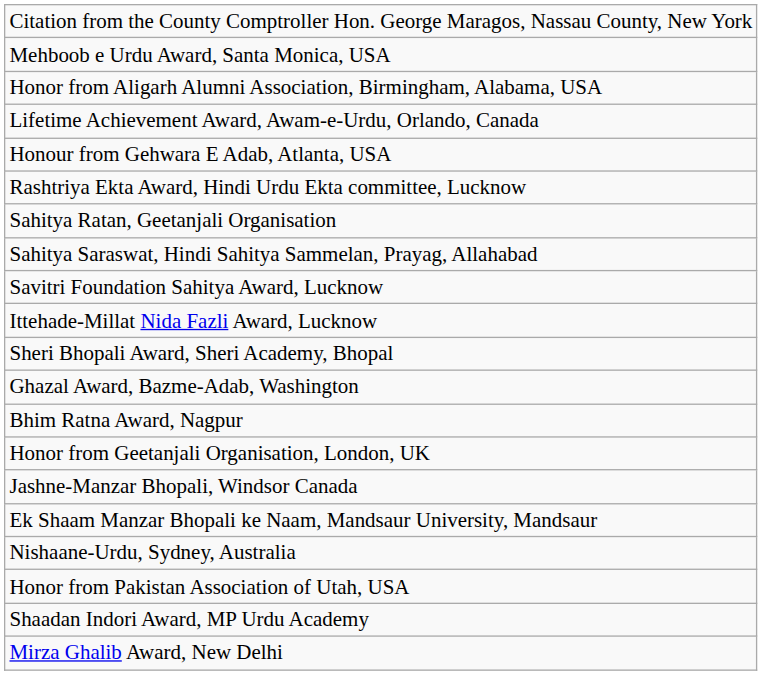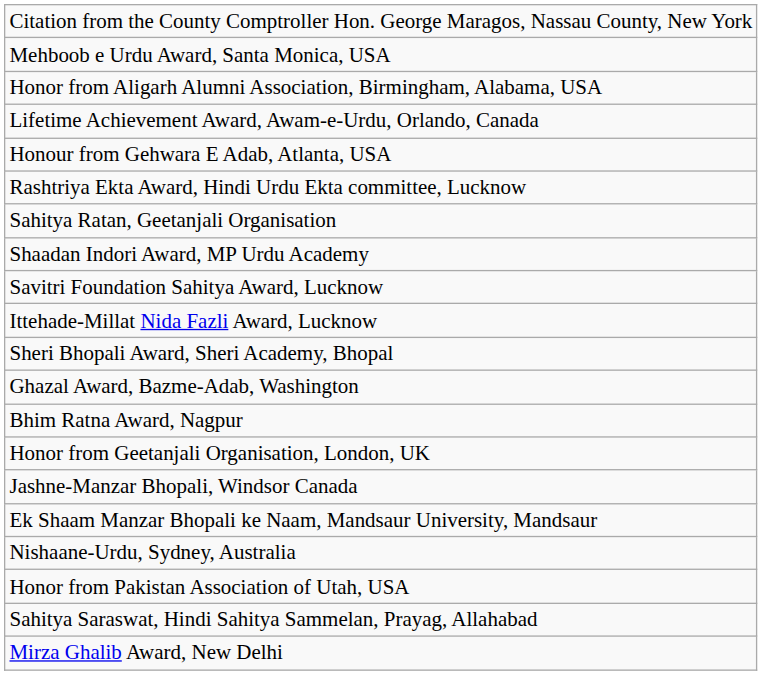 <table class="wikitable">
 <tr>
 <td>Citation from the County Comptroller Hon. George Maragos, Nassau County, New York</td>
 </tr>
 <tr>
 <td>Mehboob e Urdu Award, Santa Monica, USA</td>
 </tr>
 <tr>
 <td>Honor from Aligarh Alumni Association, Birmingham, Alabama, USA</td>
 </tr>
 <tr>
 <td>Lifetime Achievement Award, Awam-e-Urdu, Orlando, Canada</td>
 </tr>
 <tr>
 <td>Honour from Gehwara E Adab, Atlanta, USA</td>
 </tr>
 <tr>
 <td>Rashtriya Ekta Award, Hindi Urdu Ekta committee, Lucknow</td>
 </tr>
 <tr>
 <td>Sahitya Ratan, Geetanjali Organisation</td>
 </tr>
 <tr>
-<td>Sahitya Saraswat, Hindi Sahitya Sammelan, Prayag, Allahabad</td>
+<td>Shaadan Indori Award, MP Urdu Academy</td>
 </tr>
 <tr>
 <td>Savitri Foundation Sahitya Award, Lucknow</td>
 </tr>
 <tr>
 <td>Ittehade-Millat <a href='#'>Nida Fazli</a> Award, Lucknow</td>
 </tr>
 <tr>
 <td>Sheri Bhopali Award, Sheri Academy, Bhopal</td>
 </tr>
 <tr>
 <td>Ghazal Award, Bazme-Adab, Washington</td>
 </tr>
 <tr>
 <td>Bhim Ratna Award, Nagpur</td>
 </tr>
 <tr>
 <td>Honor from Geetanjali Organisation, London, UK</td>
 </tr>
 <tr>
 <td>Jashne-Manzar Bhopali, Windsor Canada</td>
 </tr>
 <tr>
 <td>Ek Shaam Manzar Bhopali ke Naam, Mandsaur University, Mandsaur</td>
 </tr>
 <tr>
 <td>Nishaane-Urdu, Sydney, Australia</td>
 </tr>
 <tr Faiz Ahmad Faiz Award, Oslo,  Norway>
 <td>Honor from Pakistan Association of Utah, USA</td>
 </tr>
 <tr>
-<td>Shaadan Indori Award, MP Urdu Academy</td>
+<td>Sahitya Saraswat, Hindi Sahitya Sammelan, Prayag, Allahabad</td>
 </tr>
 <tr>
 <td><a href='#'>Mirza Ghalib</a> Award, New Delhi</td>
 </tr>
 </table>
